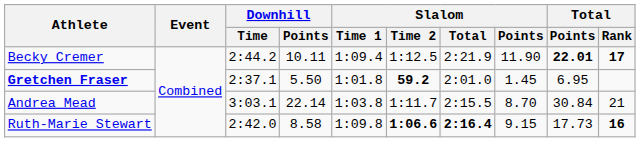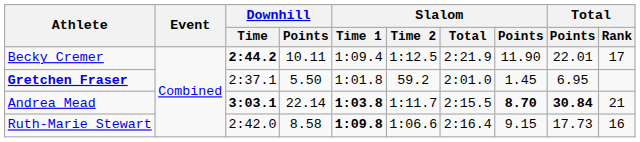 <table class=wikitable style=font-size:90%;text-align:center>
 <tr>
 <th rowspan=2>Athlete</th>
 <th rowspan=2>Event</th>
 <th colspan=2><a href='#'>Downhill</a></th>
 <th colspan=4>Slalom</th>
 <th colspan=2>Total</th>
 </tr>
 <tr style=font-size:95%>
 <th>Time</th>
 <th>Points</th>
 <th>Time 1</th>
 <th>Time 2</th>
 <th>Total</th>
 <th>Points</th>
 <th>Points</th>
 <th>Rank</th>
 </tr>
 <tr>
 <td align=left><a href='#'>Becky Cremer</a></td>
 <td align=left rowspan=4><a href='#'>Combined</a></td>
-<td>2:44.2</td>
+<td><strong>2:44.2</strong></td>
 <td>10.11</td>
 <td>1:09.4</td>
 <td>1:12.5</td>
 <td>2:21.9</td>
 <td>11.90</td>
-<td><strong>22.01</strong></td>
-<td><strong>17</strong></td>
+<td>22.01</td>
+<td>17</td>
 </tr>
 <tr>
 <td align=left><strong><a href='#'>Gretchen Fraser</a></strong></td>
 <td>2:37.1</td>
 <td>5.50</td>
 <td>1:01.8</td>
-<td><strong>59.2</strong></td>
+<td>59.2</td>
 <td>2:01.0</td>
 <td>1.45</td>
 <td>6.95</td>
 <td></td>
 </tr>
 <tr>
 <td align=left><a href='#'>Andrea Mead</a></td>
-<td>3:03.1</td>
+<td><strong>3:03.1</strong></td>
 <td>22.14</td>
-<td>1:03.8</td>
+<td><strong>1:03.8</strong></td>
 <td>1:11.7</td>
 <td>2:15.5</td>
-<td>8.70</td>
-<td>30.84</td>
+<td><strong>8.70</strong></td>
+<td><strong>30.84</strong></td>
 <td>21</td>
 </tr>
 <tr>
 <td align=left><a href='#'>Ruth-Marie Stewart</a></td>
 <td>2:42.0</td>
 <td>8.58</td>
-<td>1:09.8</td>
-<td><strong>1:06.6</strong></td>
-<td><strong>2:16.4</strong></td>
+<td><strong>1:09.8</strong></td>
+<td>1:06.6</td>
+<td>2:16.4</td>
 <td>9.15</td>
 <td>17.73</td>
-<td><strong>16</strong></td>
+<td>16</td>
 </tr>
 </table>
